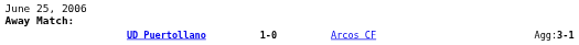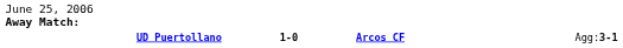 <table width=100% cellspacing=1>
 <tr>
 <th width=20%></th>
 <th width=12%></th>
 <th width=20%></th>
 <th></th>
 </tr>
 <tr>
 <td>June 25, 2006<br><strong>Away Match:</strong></td>
 </tr>
 <tr style=font-size:90%>
 <td align=right><strong><a href='#'>UD Puertollano</a></strong></td>
 <td align=center><strong>1-0</strong></td>
-<td><a href='#'>Arcos CF</a></td>
+<td><strong><a href='#'>Arcos CF</a></strong></td>
 <td>Agg:<strong>3-1</strong></td>
 </tr>
 </table>
